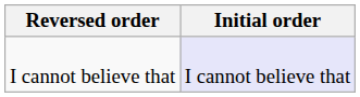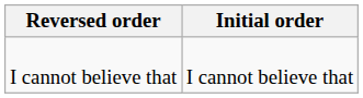 <table class="wikitable">
 <tr>
 <th>Reversed order</th>
 <th>Initial order</th>
 </tr>
 <tr>
 <td><br>I cannot believe that<br></td>
-<td style="background: lavender;"><br>I cannot believe that<br></td>
+<td><br>I cannot believe that<br></td>
 </tr>
 </table>
